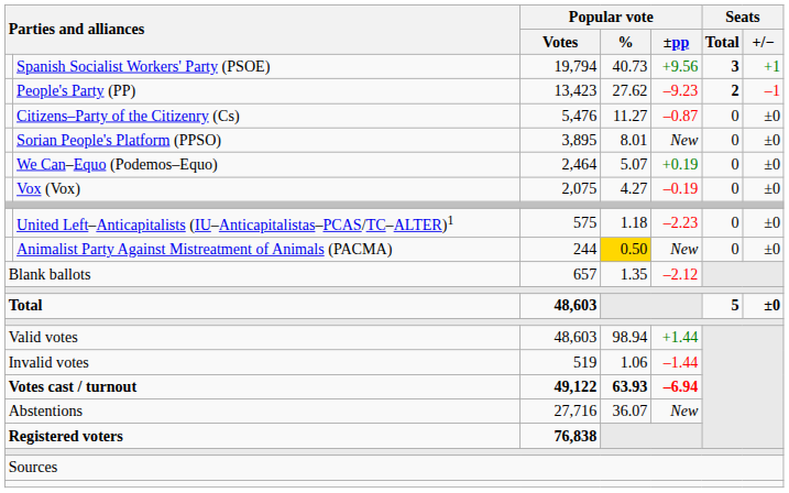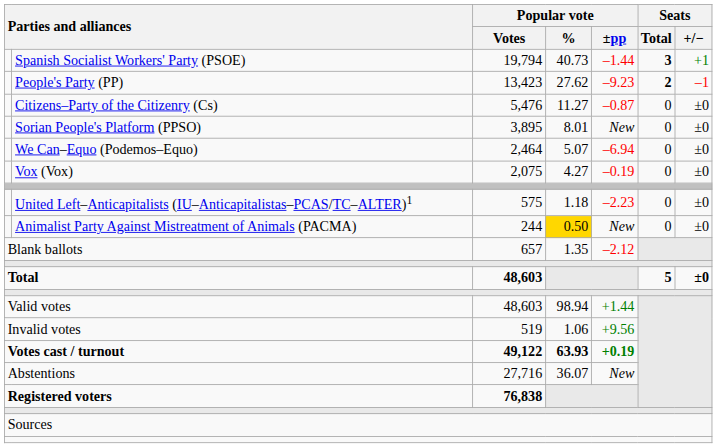 <table class="wikitable" style="text-align:right;">
 <tr>
 <th style="text-align:left;" rowspan="2" colspan="2" width="525">Parties and alliances</th>
 <th colspan="3">Popular vote</th>
 <th colspan="2">Seats</th>
 </tr>
 <tr>
 <th width="75">Votes</th>
 <th width="45">%</th>
 <th width="45">±<a href='#'>pp</a></th>
 <th width="35">Total</th>
 <th width="35">+/−</th>
 </tr>
 <tr>
 <td width="1" style="color:inherit;background:"></td>
 <td align="left"><a href='#'>Spanish Socialist Workers' Party</a> (PSOE)</td>
 <td>19,794</td>
 <td>40.73</td>
-<td style="color:green;">+9.56</td>
+<td style="color:red;">–1.44</td>
 <td><strong>3</strong></td>
 <td style="color:green;">+1</td>
 </tr>
 <tr>
 <td style="color:inherit;background:"></td>
 <td align="left"><a href='#'>People's Party</a> (PP)</td>
 <td>13,423</td>
 <td>27.62</td>
 <td style="color:red;">–9.23</td>
 <td><strong>2</strong></td>
 <td style="color:red;">–1</td>
 </tr>
 <tr>
 <td style="color:inherit;background:"></td>
 <td align="left"><a href='#'>Citizens–Party of the Citizenry</a> (Cs)</td>
 <td>5,476</td>
 <td>11.27</td>
 <td style="color:red;">–0.87</td>
 <td>0</td>
 <td>±0</td>
 </tr>
 <tr>
 <td style="color:inherit;background:"></td>
 <td align="left"><a href='#'>Sorian People's Platform</a> (PPSO)</td>
 <td>3,895</td>
 <td>8.01</td>
 <td><em>New</em></td>
 <td>0</td>
 <td>±0</td>
 </tr>
 <tr>
 <td style="color:inherit;background:"></td>
 <td align="left"><a href='#'>We Can</a>–<a href='#'>Equo</a> (Podemos–Equo)</td>
 <td>2,464</td>
 <td>5.07</td>
-<td style="color:green;">+0.19</td>
+<td style="color:red;">–6.94</td>
 <td>0</td>
 <td>±0</td>
 </tr>
 <tr>
 <td style="color:inherit;background:"></td>
 <td align="left"><a href='#'>Vox</a> (Vox)</td>
 <td>2,075</td>
 <td>4.27</td>
 <td style="color:red;">–0.19</td>
 <td>0</td>
 <td>±0</td>
 </tr>
 <tr>
 <td colspan="7" bgcolor="#C0C0C0"></td>
 </tr>
 <tr>
 <td style="color:inherit;background:"></td>
 <td align="left"><a href='#'>United Left</a>–<a href='#'>Anticapitalists</a> (<a href='#'>IU</a>–<a href='#'>Anticapitalistas</a>–<a href='#'>PCAS</a>/<a href='#'>TC</a>–<a href='#'>ALTER</a>)<sup>1</sup></td>
 <td>575</td>
 <td>1.18</td>
 <td style="color:red;">–2.23</td>
 <td>0</td>
 <td>±0</td>
 </tr>
 <tr>
 <td style="color:inherit;background:"></td>
 <td align="left"><a href='#'>Animalist Party Against Mistreatment of Animals</a> (PACMA)</td>
 <td>244</td>
 <td style="background: gold;">0.50</td>
 <td><em>New</em></td>
 <td>0</td>
 <td>±0</td>
 </tr>
 <tr>
 <td align="left" colspan="2">Blank ballots</td>
 <td>657</td>
 <td>1.35</td>
 <td style="color:red;">–2.12</td>
 <td bgcolor="#E9E9E9" colspan="2"></td>
 </tr>
 <tr>
 <td colspan="7" bgcolor="#E9E9E9"></td>
 </tr>
 <tr style="font-weight:bold;">
 <td align="left" colspan="2">Total</td>
 <td>48,603</td>
 <td bgcolor="#E9E9E9" colspan="2"></td>
 <td>5</td>
 <td>±0</td>
 </tr>
 <tr>
 <td colspan="7" bgcolor="#E9E9E9"></td>
 </tr>
 <tr>
 <td align="left" colspan="2">Valid votes</td>
 <td>48,603</td>
 <td>98.94</td>
 <td style="color:green;">+1.44</td>
 <td bgcolor="#E9E9E9" colspan="2" rowspan="5"></td>
 </tr>
 <tr>
 <td align="left" colspan="2">Invalid votes</td>
 <td>519</td>
 <td>1.06</td>
-<td style="color:red;">–1.44</td>
+<td style="color:green;">+9.56</td>
 </tr>
 <tr style="font-weight:bold;">
 <td align="left" colspan="2">Votes cast / turnout</td>
 <td>49,122</td>
 <td>63.93</td>
-<td style="color:red;">–6.94</td>
+<td style="color:green;">+0.19</td>
 </tr>
 <tr>
 <td align="left" colspan="2">Abstentions</td>
 <td>27,716</td>
 <td>36.07</td>
 <td><em>New</em></td>
 </tr>
 <tr style="font-weight:bold;">
 <td align="left" colspan="2">Registered voters</td>
 <td>76,838</td>
 <td bgcolor="#E9E9E9" colspan="2"></td>
 </tr>
 <tr>
 <td colspan="7" bgcolor="#E9E9E9"></td>
 </tr>
 <tr>
 <td align="left" colspan="7">Sources</td>
 </tr>
 <tr>
 <td colspan="7" style="text-align:left; max-width:790px;"></td>
 </tr>
 </table>
